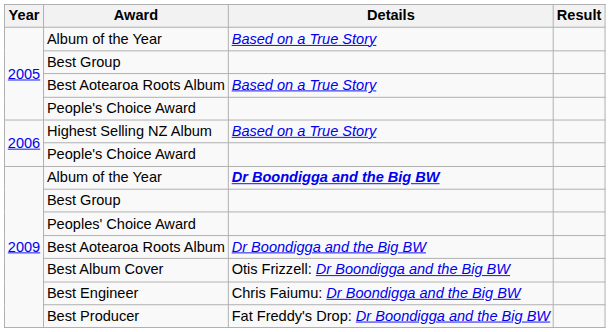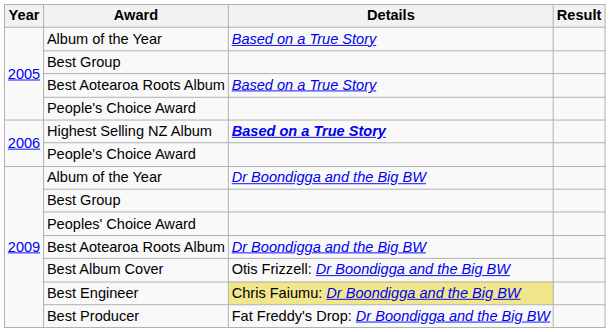 <table class="wikitable sortable">
 <tr>
 <th>Year</th>
 <th>Award</th>
 <th>Details</th>
 <th>Result</th>
 </tr>
 <tr>
 <td rowspan=4><a href='#'>2005</a></td>
 <td>Album of the Year</td>
 <td><em><a href='#'>Based on a True Story</a></em></td>
 <td></td>
 </tr>
 <tr>
 <td>Best Group</td>
 <td></td>
 <td></td>
 </tr>
 <tr>
 <td>Best Aotearoa Roots Album</td>
 <td><em><a href='#'>Based on a True Story</a></em></td>
 <td></td>
 </tr>
 <tr>
 <td>People's Choice Award</td>
 <td></td>
 <td></td>
 </tr>
 <tr>
 <td rowspan=2><a href='#'>2006</a></td>
 <td>Highest Selling NZ Album</td>
-<td><em><a href='#'>Based on a True Story</a></em></td>
+<td><strong><em><a href='#'>Based on a True Story</a></em></strong></td>
 <td></td>
 </tr>
 <tr>
 <td>People's Choice Award</td>
 <td></td>
 <td></td>
 </tr>
 <tr>
 <td rowspan=7><a href='#'>2009</a></td>
 <td>Album of the Year</td>
-<td><strong><em><a href='#'>Dr Boondigga and the Big BW</a></em></strong></td>
+<td><em><a href='#'>Dr Boondigga and the Big BW</a></em></td>
 <td></td>
 </tr>
 <tr>
 <td>Best Group</td>
 <td></td>
 <td></td>
 </tr>
 <tr>
 <td>Peoples' Choice Award</td>
 <td></td>
 <td></td>
 </tr>
 <tr>
 <td>Best Aotearoa Roots Album</td>
 <td><em><a href='#'>Dr Boondigga and the Big BW</a></em></td>
 <td></td>
 </tr>
 <tr>
 <td>Best Album Cover</td>
 <td>Otis Frizzell: <em><a href='#'>Dr Boondigga and the Big BW</a></em></td>
 <td></td>
 </tr>
 <tr>
 <td>Best Engineer</td>
-<td>Chris Faiumu: <em><a href='#'>Dr Boondigga and the Big BW</a></em></td>
+<td style="background: khaki;">Chris Faiumu: <em><a href='#'>Dr Boondigga and the Big BW</a></em></td>
 <td></td>
 </tr>
 <tr>
 <td>Best Producer</td>
 <td>Fat Freddy's Drop: <em><a href='#'>Dr Boondigga and the Big BW</a></em></td>
 <td></td>
 </tr>
 </table>
